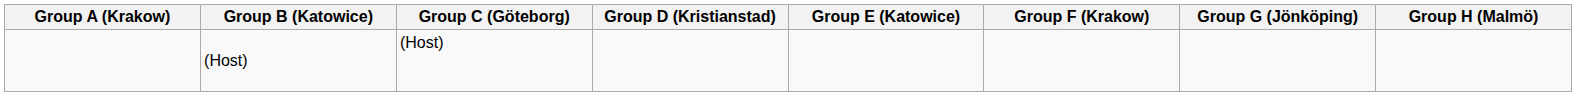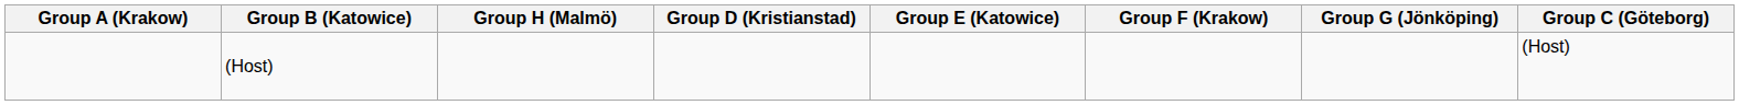 <table class="wikitable">
 <tr>
 <th style="width: 10%;">Group A (Krakow)</th>
 <th style="width: 10%;">Group B (Katowice)</th>
-<th style="width: 10%;">Group C (Göteborg)</th>
+<th style="width: 10%;">Group H (Malmö)</th>
 <th style="width: 10%;">Group D (Kristianstad)</th>
 <th style="width: 10%;">Group E (Katowice)</th>
 <th style="width: 10%;">Group F (Krakow)</th>
 <th style="width: 10%;">Group G (Jönköping)</th>
-<th style="width: 10%;">Group H (Malmö)</th>
+<th style="width: 10%;">Group C (Göteborg)</th>
 </tr>
 <tr>
 <td style="vertical-align: top;"><br><br><br></td>
 <td style="vertical-align: top;"><br> (Host)<br><br></td>
-<td style="vertical-align: top;"> (Host)<br><br><br></td>
 <td style="vertical-align: top;"><br><br><br></td>
 <td style="vertical-align: top;"><br><br><br></td>
 <td style="vertical-align: top;"><br><br><br></td>
 <td style="vertical-align: top;"><br><br><br></td>
 <td style="vertical-align: top;"><br><br><br></td>
+<td style="vertical-align: top;"> (Host)<br><br><br></td>
 </tr>
 </table>
